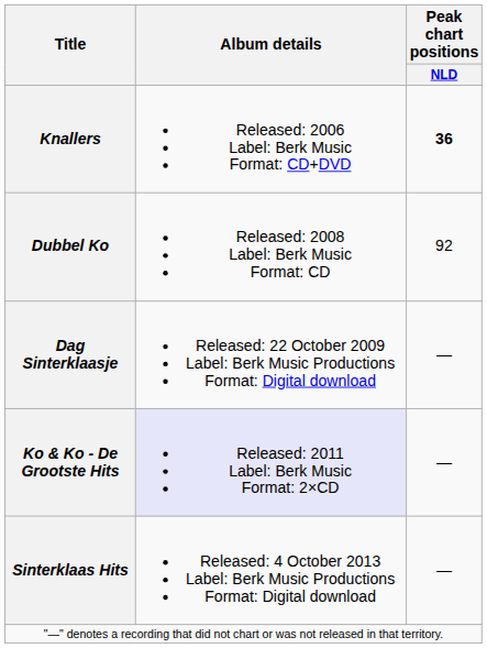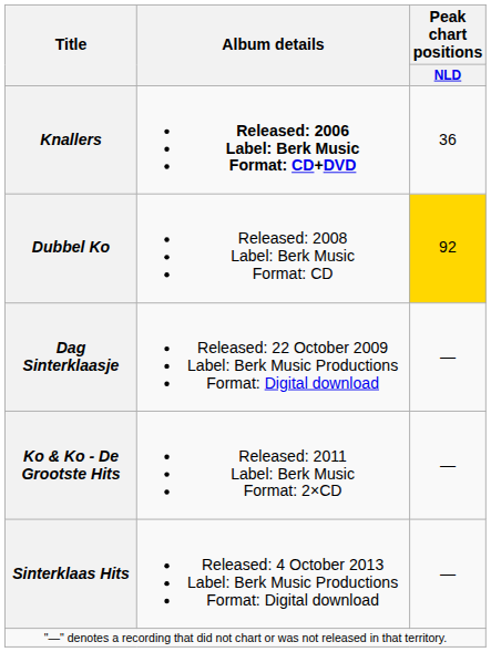 <table class="wikitable plainrowheaders" style="text-align:center;">
 <tr>
 <th scope="col" rowspan="2" style="width:8em;">Title</th>
 <th scope="col" rowspan="2" style="width:17em;">Album details</th>
 <th scope="col">Peak chart positions</th>
 </tr>
 <tr>
 <th style="width:2.5em; font-size:85%"><a href='#'>NLD</a><br></th>
 </tr>
 <tr>
 <th scope="row"><em>Knallers</em></th>
-<td><br><ul><li>Released: 2006</li><li>Label: Berk Music</li><li>Format: <a href='#'>CD</a>+<a href='#'>DVD</a></li></ul></td>
-<td><strong>36</strong></td>
+<td><strong><br><ul><li>Released: 2006</li><li>Label: Berk Music</li><li>Format: <a href='#'>CD</a>+<a href='#'>DVD</a></li></ul></strong></td>
+<td>36</td>
 </tr>
 <tr>
 <th scope="row"><em>Dubbel Ko</em></th>
 <td><br><ul><li>Released: 2008</li><li>Label: Berk Music</li><li>Format: CD</li></ul></td>
-<td>92</td>
+<td style="background: gold;">92</td>
 </tr>
 <tr>
 <th scope="row"><em>Dag Sinterklaasje</em></th>
 <td><br><ul><li>Released: 22 October 2009</li><li>Label: Berk Music Productions</li><li>Format: <a href='#'>Digital download</a></li></ul></td>
 <td>—</td>
 </tr>
 <tr>
 <th scope="row"><em>Ko & Ko - De Grootste Hits</em></th>
-<td style="background: lavender;"><br><ul><li>Released: 2011</li><li>Label: Berk Music</li><li>Format: 2×CD</li></ul></td>
+<td><br><ul><li>Released: 2011</li><li>Label: Berk Music</li><li>Format: 2×CD</li></ul></td>
 <td>—</td>
 </tr>
 <tr>
 <th scope="row"><em>Sinterklaas Hits</em></th>
 <td><br><ul><li>Released: 4 October 2013</li><li>Label: Berk Music Productions</li><li>Format: Digital download</li></ul></td>
 <td>—</td>
 </tr>
 <tr>
 <td colspan="4" style="font-size:9pt">"—" denotes a recording that did not chart or was not released in that territory.</td>
 </tr>
 </table>
